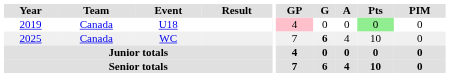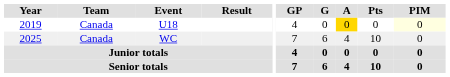 <table border="0" cellpadding="1" cellspacing="0" ID="Table3" style="text-align:center; width:40em">
 <tr ALIGN="center" bgcolor="#e0e0e0">
 <th>Year</th>
 <th>Team</th>
 <th>Event</th>
 <th>Result</th>
 <th rowspan="99" bgcolor="#ffffff"></th>
 <th>GP</th>
 <th>G</th>
 <th>A</th>
 <th>Pts</th>
 <th>PIM</th>
 </tr>
 <tr>
 <td><a href='#'>2019</a></td>
 <td><a href='#'>Canada</a></td>
 <td><a href='#'>U18</a></td>
 <td></td>
-<td style="background: pink;">4</td>
+<td>4</td>
 <td>0</td>
+<td style="background: gold;">0</td>
 <td>0</td>
-<td style="background: lightgreen;">0</td>
-<td>0</td>
+<td style="background: lightyellow;">0</td>
 </tr>
 <tr bgcolor="#f0f0f0">
 <td><a href='#'>2025</a></td>
 <td><a href='#'>Canada</a></td>
 <td><a href='#'>WC</a></td>
 <td></td>
 <td>7</td>
-<td><strong>6</strong></td>
+<td>6</td>
 <td>4</td>
 <td>10</td>
 <td>0</td>
 </tr>
 <tr bgcolor="#e0e0e0">
 <th colspan="4">Junior totals</th>
 <th>4</th>
 <th>0</th>
 <th>0</th>
 <th>0</th>
 <th>0</th>
 </tr>
 <tr bgcolor="#e0e0e0">
 <th colspan="4">Senior totals</th>
 <th>7</th>
 <th>6</th>
 <th>4</th>
 <th>10</th>
 <th>0</th>
 </tr>
 </table>
